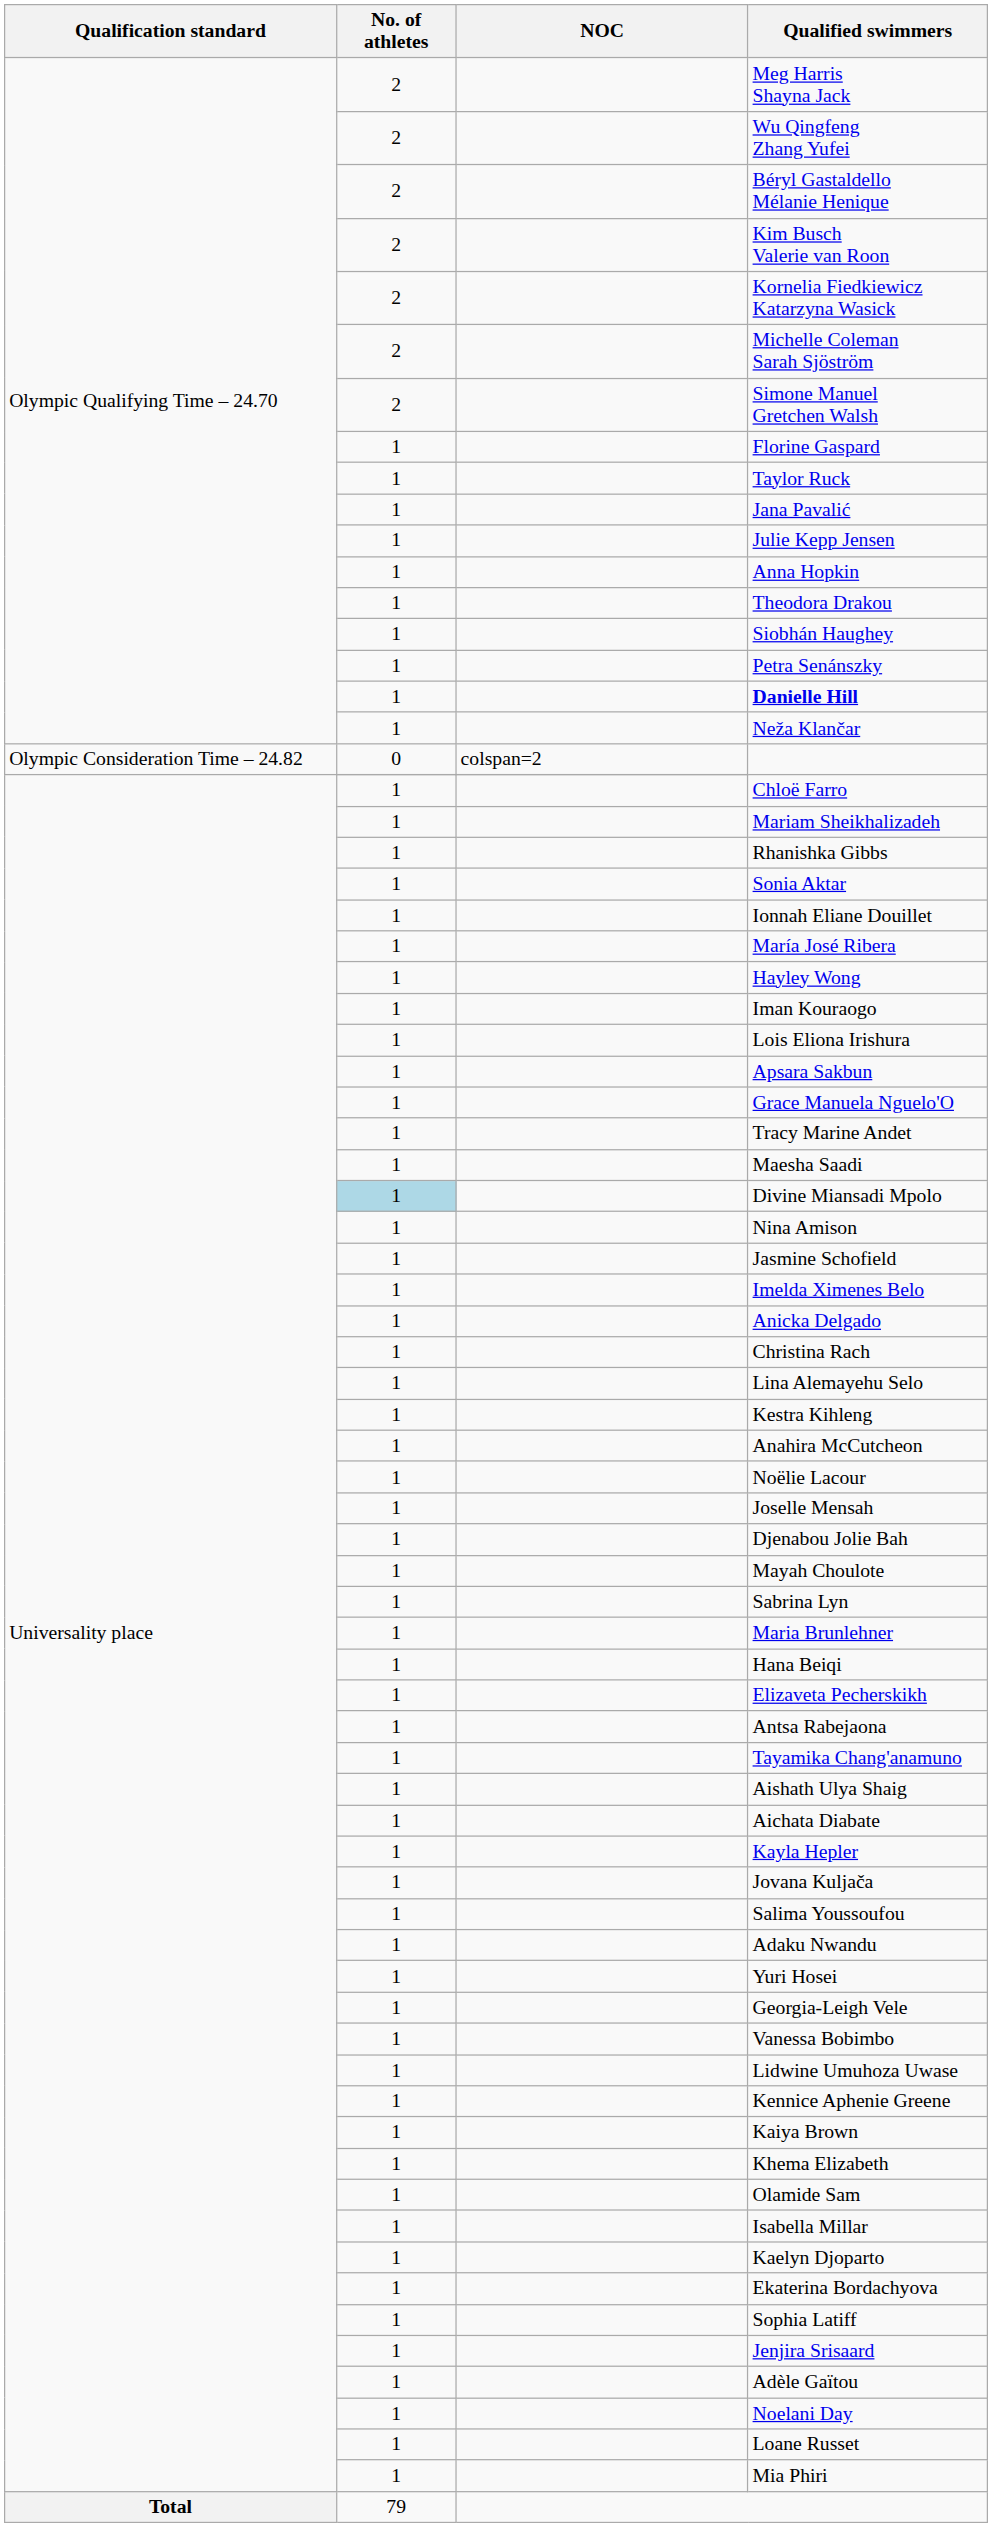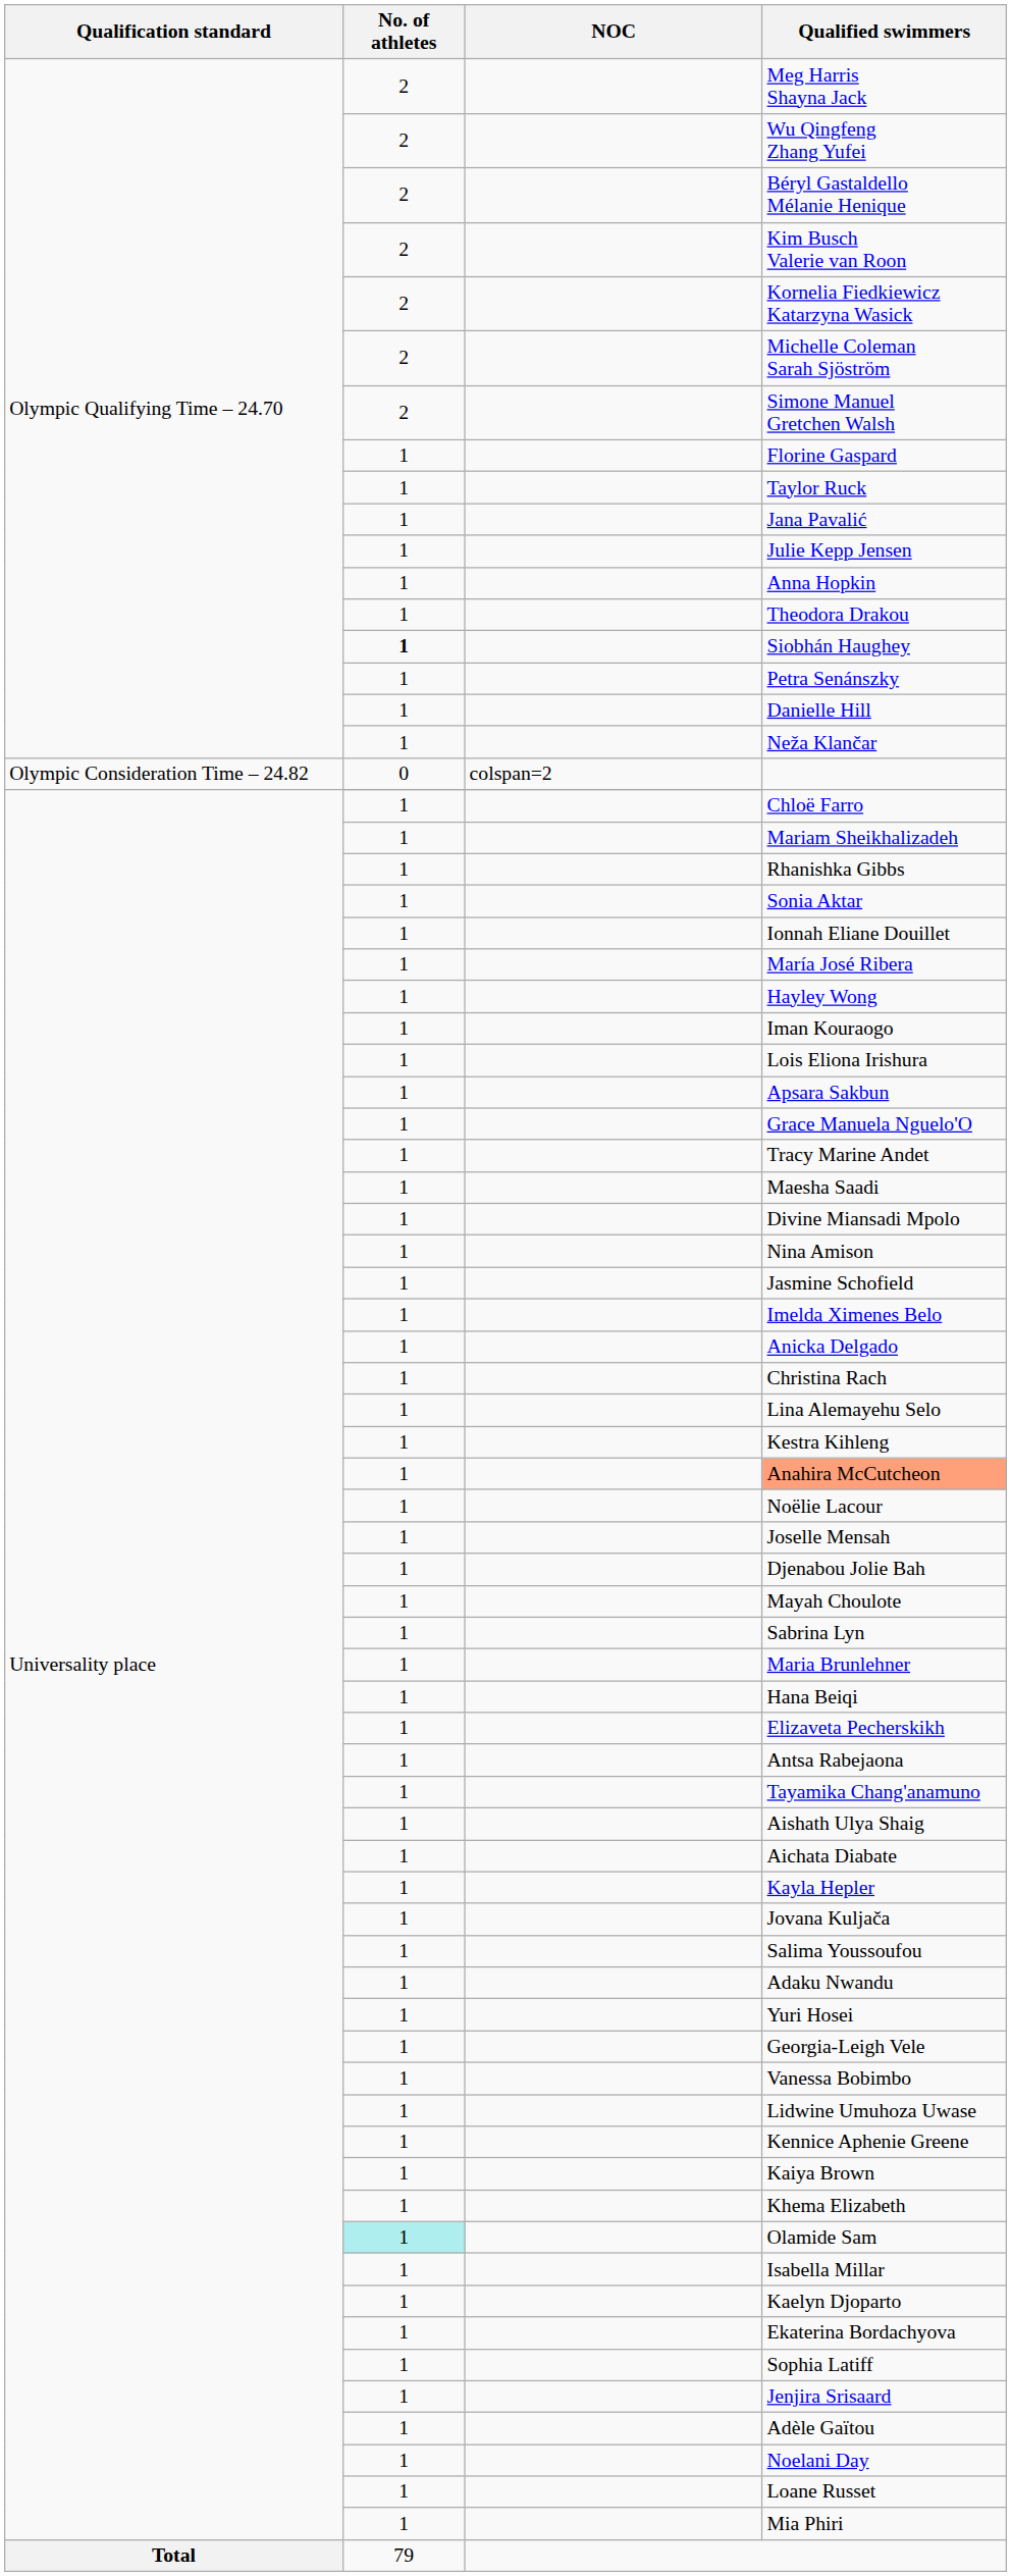 <table class=wikitable style="text-align:left" width=800>
 <tr>
 <th scope="col">Qualification standard</th>
 <th scope="col" width =90>No. of athletes</th>
 <th scope="col" width =230>NOC</th>
 <th scope="col">Qualified swimmers</th>
 </tr>
 <tr>
 <td rowspan=17>Olympic Qualifying Time – 24.70</td>
 <td align=center>2</td>
 <td></td>
 <td><a href='#'>Meg Harris</a><br><a href='#'>Shayna Jack</a></td>
 </tr>
 <tr>
 <td align=center>2</td>
 <td></td>
 <td><a href='#'> Wu Qingfeng</a><br> <a href='#'>Zhang Yufei</a></td>
 </tr>
 <tr>
 <td align=center>2</td>
 <td></td>
 <td><a href='#'>Béryl Gastaldello</a><br><a href='#'>Mélanie Henique</a></td>
 </tr>
 <tr>
 <td align=center>2</td>
 <td></td>
 <td><a href='#'>Kim Busch</a><br><a href='#'>Valerie van Roon</a></td>
 </tr>
 <tr>
 <td align=center>2</td>
 <td></td>
 <td><a href='#'>Kornelia Fiedkiewicz</a><br><a href='#'>Katarzyna Wasick</a></td>
 </tr>
 <tr>
 <td align=center>2</td>
 <td></td>
 <td><a href='#'>Michelle Coleman</a><br><a href='#'>Sarah Sjöström</a></td>
 </tr>
 <tr>
 <td align=center>2</td>
 <td></td>
 <td><a href='#'>Simone Manuel</a><br><a href='#'>Gretchen Walsh</a></td>
 </tr>
 <tr>
 <td align=center>1</td>
 <td></td>
 <td><a href='#'>Florine Gaspard</a></td>
 </tr>
 <tr>
 <td align=center>1</td>
 <td></td>
 <td><a href='#'>Taylor Ruck</a></td>
 </tr>
 <tr>
 <td align=center>1</td>
 <td></td>
 <td><a href='#'>Jana Pavalić</a></td>
 </tr>
 <tr>
 <td align=center>1</td>
 <td></td>
 <td><a href='#'>Julie Kepp Jensen</a></td>
 </tr>
 <tr>
 <td align=center>1</td>
 <td></td>
 <td><a href='#'>Anna Hopkin</a></td>
 </tr>
 <tr>
 <td align=center>1</td>
 <td></td>
 <td><a href='#'>Theodora Drakou</a></td>
 </tr>
 <tr>
-<td align=center>1</td>
+<td align=center><strong>1</strong></td>
 <td></td>
 <td><a href='#'>Siobhán Haughey</a></td>
 </tr>
 <tr>
 <td align=center>1</td>
 <td></td>
 <td><a href='#'>Petra Senánszky</a></td>
 </tr>
 <tr>
 <td align=center>1</td>
 <td></td>
-<td><strong><a href='#'>Danielle Hill</a></strong></td>
+<td><a href='#'>Danielle Hill</a></td>
 </tr>
 <tr>
 <td align=center>1</td>
 <td></td>
 <td><a href='#'>Neža Klančar</a></td>
 </tr>
 <tr>
 <td>Olympic Consideration Time – 24.82</td>
 <td align=center>0</td>
 <td>colspan=2 </td>
 </tr>
 <tr>
 <td rowspan=56>Universality place</td>
 </tr>
 <tr>
 <td align=center>1</td>
 <td></td>
 <td><a href='#'>Chloë Farro</a></td>
 </tr>
 <tr>
 <td align=center>1</td>
 <td></td>
 <td><a href='#'>Mariam Sheikhalizadeh</a></td>
 </tr>
 <tr>
 <td align=center>1</td>
 <td></td>
 <td>Rhanishka Gibbs</td>
 </tr>
 <tr>
 <td align=center>1</td>
 <td></td>
 <td><a href='#'>Sonia Aktar</a></td>
 </tr>
 <tr>
 <td align=center>1</td>
 <td></td>
 <td>Ionnah Eliane Douillet</td>
 </tr>
 <tr>
 <td align=center>1</td>
 <td></td>
 <td><a href='#'>María José Ribera</a></td>
 </tr>
 <tr>
 <td align=center>1</td>
 <td></td>
 <td><a href='#'>Hayley Wong</a></td>
 </tr>
 <tr>
 <td align=center>1</td>
 <td></td>
 <td>Iman Kouraogo</td>
 </tr>
 <tr>
 <td align=center>1</td>
 <td></td>
 <td>Lois Eliona Irishura</td>
 </tr>
 <tr>
 <td align=center>1</td>
 <td></td>
 <td><a href='#'>Apsara Sakbun</a></td>
 </tr>
 <tr>
 <td align=center>1</td>
 <td></td>
 <td><a href='#'>Grace Manuela Nguelo'O</a></td>
 </tr>
 <tr>
 <td align=center>1</td>
 <td></td>
 <td>Tracy Marine Andet</td>
 </tr>
 <tr>
 <td align=center>1</td>
 <td></td>
 <td>Maesha Saadi</td>
 </tr>
 <tr>
-<td align=center style="background: lightblue;">1</td>
+<td align=center>1</td>
 <td></td>
 <td>Divine Miansadi Mpolo</td>
 </tr>
 <tr>
 <td align=center>1</td>
 <td></td>
 <td>Nina Amison</td>
 </tr>
 <tr>
 <td align=center>1</td>
 <td></td>
 <td>Jasmine Schofield</td>
 </tr>
 <tr>
 <td align=center>1</td>
 <td></td>
 <td><a href='#'>Imelda Ximenes Belo</a></td>
 </tr>
 <tr>
 <td align=center>1</td>
 <td></td>
 <td><a href='#'>Anicka Delgado</a></td>
 </tr>
 <tr>
 <td align=center>1</td>
 <td></td>
 <td>Christina Rach</td>
 </tr>
 <tr>
 <td align=center>1</td>
 <td></td>
 <td>Lina Alemayehu Selo</td>
 </tr>
 <tr>
 <td align=center>1</td>
 <td></td>
 <td>Kestra Kihleng</td>
 </tr>
 <tr>
 <td align=center>1</td>
 <td></td>
-<td>Anahira McCutcheon</td>
+<td style="background: lightsalmon;">Anahira McCutcheon</td>
 </tr>
 <tr>
 <td align=center>1</td>
 <td></td>
 <td>Noëlie Lacour</td>
 </tr>
 <tr>
 <td align=center>1</td>
 <td></td>
 <td>Joselle Mensah</td>
 </tr>
 <tr>
 <td align=center>1</td>
 <td></td>
 <td>Djenabou Jolie Bah</td>
 </tr>
 <tr>
 <td align=center>1</td>
 <td></td>
 <td>Mayah Choulote</td>
 </tr>
 <tr>
 <td align=center>1</td>
 <td></td>
 <td>Sabrina Lyn</td>
 </tr>
 <tr>
 <td align=center>1</td>
 <td></td>
 <td><a href='#'>Maria Brunlehner</a></td>
 </tr>
 <tr>
 <td align=center>1</td>
 <td></td>
 <td>Hana Beiqi</td>
 </tr>
 <tr>
 <td align=center>1</td>
 <td></td>
 <td><a href='#'>Elizaveta Pecherskikh</a></td>
 </tr>
 <tr>
 <td align=center>1</td>
 <td></td>
 <td>Antsa Rabejaona</td>
 </tr>
 <tr>
 <td align=center>1</td>
 <td></td>
 <td><a href='#'>Tayamika Chang'anamuno</a></td>
 </tr>
 <tr>
 <td align=center>1</td>
 <td></td>
 <td>Aishath Ulya Shaig</td>
 </tr>
 <tr>
 <td align=center>1</td>
 <td></td>
 <td>Aichata Diabate</td>
 </tr>
 <tr>
 <td align=center>1</td>
 <td></td>
 <td><a href='#'>Kayla Hepler</a></td>
 </tr>
 <tr>
 <td align=center>1</td>
 <td></td>
 <td>Jovana Kuljača</td>
 </tr>
 <tr>
 <td align=center>1</td>
 <td></td>
 <td>Salima Youssoufou</td>
 </tr>
 <tr>
 <td align=center>1</td>
 <td></td>
 <td>Adaku Nwandu</td>
 </tr>
 <tr>
 <td align=center>1</td>
 <td></td>
 <td>Yuri Hosei</td>
 </tr>
 <tr>
 <td align=center>1</td>
 <td></td>
 <td>Georgia-Leigh Vele</td>
 </tr>
 <tr>
 <td align=center>1</td>
 <td></td>
 <td>Vanessa Bobimbo</td>
 </tr>
 <tr>
 <td align=center>1</td>
 <td></td>
 <td>Lidwine Umuhoza Uwase</td>
 </tr>
 <tr>
 <td align=center>1</td>
 <td></td>
 <td>Kennice Aphenie Greene</td>
 </tr>
 <tr>
 <td align=center>1</td>
 <td></td>
 <td>Kaiya Brown</td>
 </tr>
 <tr>
 <td align=center>1</td>
 <td></td>
 <td>Khema Elizabeth</td>
 </tr>
 <tr>
-<td align=center>1</td>
+<td align=center style="background: paleturquoise;">1</td>
 <td></td>
 <td>Olamide Sam</td>
 </tr>
 <tr>
 <td align=center>1</td>
 <td></td>
 <td>Isabella Millar</td>
 </tr>
 <tr>
 <td align=center>1</td>
 <td></td>
 <td>Kaelyn Djoparto</td>
 </tr>
 <tr>
 <td align=center>1</td>
 <td></td>
 <td>Ekaterina Bordachyova</td>
 </tr>
 <tr>
 <td align=center>1</td>
 <td></td>
 <td>Sophia Latiff</td>
 </tr>
 <tr>
 <td align=center>1</td>
 <td></td>
 <td><a href='#'>Jenjira Srisaard</a></td>
 </tr>
 <tr>
 <td align=center>1</td>
 <td></td>
 <td>Adèle Gaïtou</td>
 </tr>
 <tr>
 <td align=center>1</td>
 <td></td>
 <td><a href='#'>Noelani Day</a></td>
 </tr>
 <tr>
 <td align=center>1</td>
 <td></td>
 <td>Loane Russet</td>
 </tr>
 <tr>
 <td align=center>1</td>
 <td></td>
 <td>Mia Phiri</td>
 </tr>
 <tr>
 <th scope="row">Total</th>
 <td align=center>79</td>
 <td colspan=2></td>
 </tr>
 </table>
